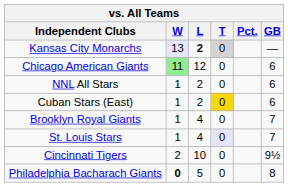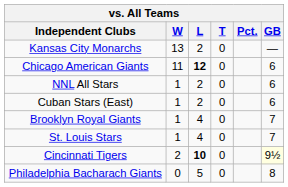 <table class="wikitable" width="400em" style="text-align:center;">
 <tr>
 <th colspan="6">vs. All Teams</th>
 </tr>
 <tr>
 <th width="58%">Independent Clubs</th>
 <th width="8%"><a href='#'>W</a></th>
 <th width="8%"><a href='#'>L</a></th>
 <th width="8%"><a href='#'>T</a></th>
 <th width="10%"><a href='#'>Pct.</a></th>
 <th width="8%"><a href='#'>GB</a></th>
 </tr>
 <tr>
 <td><a href='#'>Kansas City Monarchs</a></td>
-<td style="background: lavender;">13</td>
-<td><strong>2</strong></td>
-<td style="background: lightgrey;">0</td>
+<td>13</td>
+<td>2</td>
+<td>0</td>
 <td></td>
 <td>—</td>
 </tr>
 <tr>
 <td><a href='#'>Chicago American Giants</a></td>
-<td style="background: lightgreen;">11</td>
-<td>12</td>
+<td>11</td>
+<td><strong>12</strong></td>
 <td>0</td>
 <td></td>
 <td>6</td>
 </tr>
 <tr>
 <td><a href='#'>NNL</a> All Stars</td>
 <td>1</td>
 <td>2</td>
 <td>0</td>
 <td></td>
 <td>6</td>
 </tr>
 <tr>
 <td>Cuban Stars (East)</td>
 <td>1</td>
 <td>2</td>
-<td style="background: gold;">0</td>
+<td>0</td>
 <td></td>
 <td>6</td>
 </tr>
 <tr>
 <td><a href='#'>Brooklyn Royal Giants</a></td>
 <td>1</td>
 <td>4</td>
 <td>0</td>
 <td></td>
 <td>7</td>
 </tr>
 <tr>
 <td><a href='#'>St. Louis Stars</a></td>
 <td>1</td>
 <td>4</td>
-<td style="background: lavender;">0</td>
+<td>0</td>
 <td></td>
 <td>7</td>
 </tr>
 <tr>
 <td><a href='#'>Cincinnati Tigers</a></td>
 <td>2</td>
-<td>10</td>
+<td><strong>10</strong></td>
 <td>0</td>
 <td></td>
-<td>9½</td>
+<td style="background: lightyellow;">9½</td>
 </tr>
 <tr>
 <td><a href='#'>Philadelphia Bacharach Giants</a></td>
-<td><strong>0</strong></td>
+<td>0</td>
 <td>5</td>
 <td>0</td>
 <td></td>
 <td>8</td>
 </tr>
 </table>
